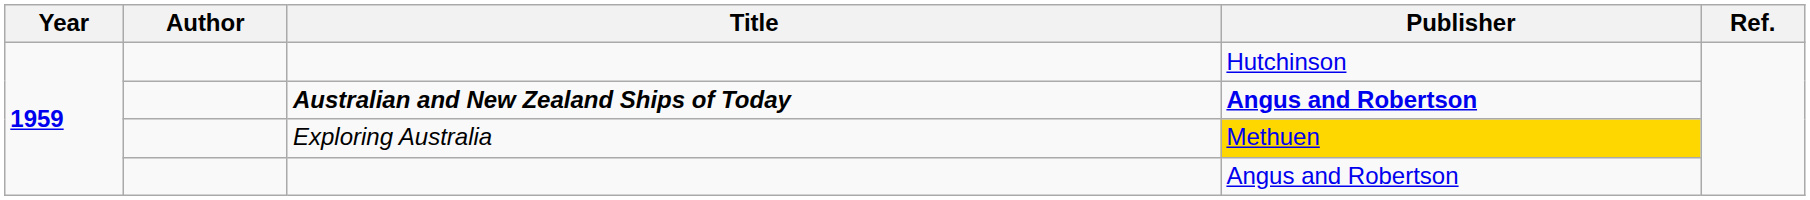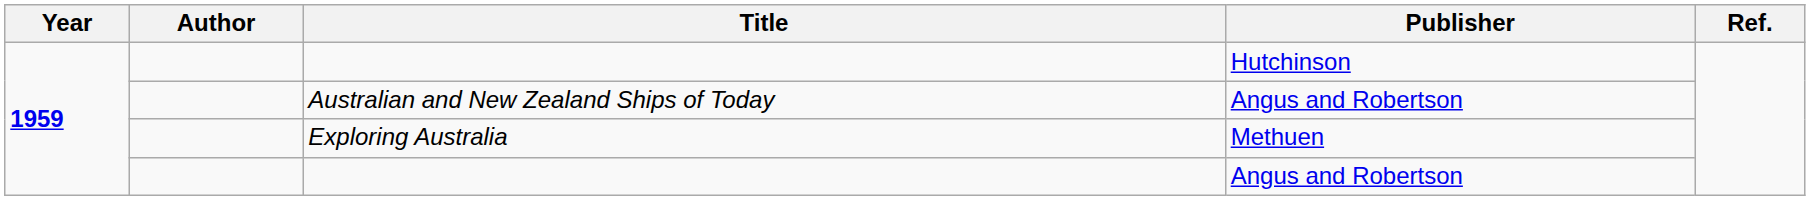 <table class="wikitable sortable mw-collapsible" width="95%">
 <tr>
 <th>Year</th>
 <th>Author</th>
 <th>Title</th>
 <th>Publisher</th>
 <th>Ref.</th>
 </tr>
 <tr>
 <td rowspan="4"><strong><a href='#'>1959</a></strong></td>
 <td></td>
 <td><em></em></td>
 <td><a href='#'>Hutchinson</a></td>
 <td rowspan="4"></td>
 </tr>
 <tr>
 <td></td>
-<td><strong><em>Australian and New Zealand Ships of Today</em></strong></td>
-<td><strong><a href='#'>Angus and Robertson</a></strong></td>
+<td><em>Australian and New Zealand Ships of Today</em></td>
+<td><a href='#'>Angus and Robertson</a></td>
 </tr>
 <tr>
 <td></td>
 <td><em>Exploring Australia</em></td>
-<td style="background: gold;"><a href='#'>Methuen</a></td>
+<td><a href='#'>Methuen</a></td>
 </tr>
 <tr>
 <td></td>
 <td><em></em></td>
 <td><a href='#'>Angus and Robertson</a></td>
 </tr>
 </table>
